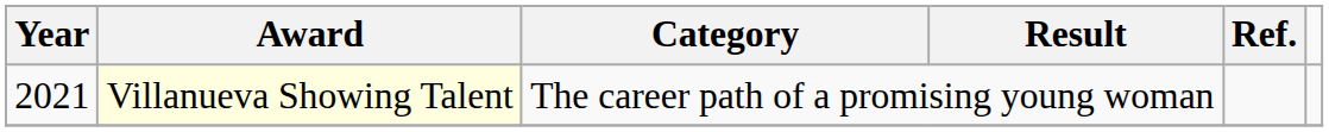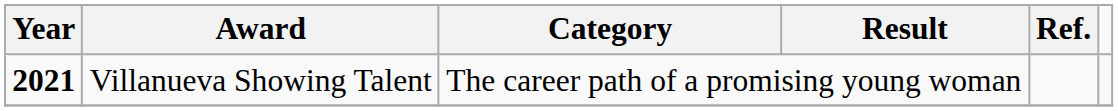 <table class="wikitable">
 <tr>
 <th>Year</th>
 <th>Award</th>
 <th>Category</th>
 <th>Result</th>
 <th>Ref.</th>
 </tr>
 <tr>
-<td>2021</td>
-<td style="background: lightyellow;">Villanueva Showing Talent</td>
+<td><strong>2021</strong></td>
+<td>Villanueva Showing Talent</td>
 <td colspan="2">The career path of a promising young woman</td>
 <td></td>
 <td></td>
 </tr>
 <tr>
 </tr>
 </table>
